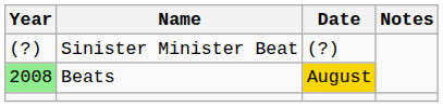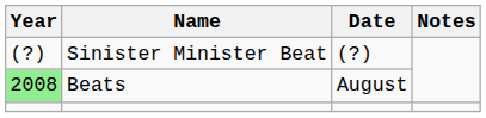 <table class="wikitable">
 <tr>
 <th>Year</th>
 <th>Name</th>
 <th>Date</th>
 <th>Notes</th>
 </tr>
 <tr>
 <td>(?)</td>
 <td>Sinister Minister Beat</td>
 <td>(?)</td>
 </tr>
 <tr>
 <td style="background: lightgreen;">2008</td>
 <td>Beats</td>
-<td style="background: gold;">August</td>
+<td>August</td>
 </tr>
 <tr>
 <td></td>
 <td></td>
 <td></td>
 <td></td>
 </tr>
 </table>
